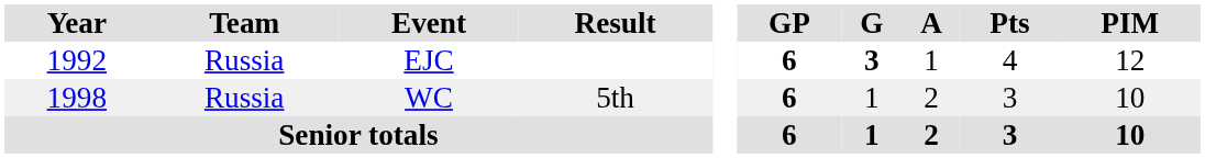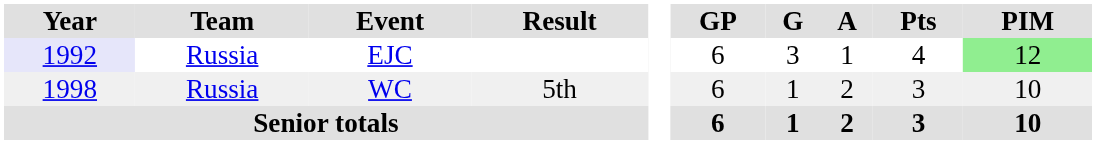 <table border="0" cellpadding="1" cellspacing="0" style="text-align:center; width:40em">
 <tr ALIGN="center" bgcolor="#e0e0e0">
 <th>Year</th>
 <th>Team</th>
 <th>Event</th>
 <th>Result</th>
 <th rowspan="99" bgcolor="#ffffff"> </th>
 <th>GP</th>
 <th>G</th>
 <th>A</th>
 <th>Pts</th>
 <th>PIM</th>
 </tr>
 <tr>
-<td><a href='#'>1992</a></td>
+<td style="background: lavender;"><a href='#'>1992</a></td>
 <td><a href='#'>Russia</a></td>
 <td><a href='#'>EJC</a></td>
 <td></td>
-<td><strong>6</strong></td>
-<td><strong>3</strong></td>
+<td>6</td>
+<td>3</td>
 <td>1</td>
 <td>4</td>
-<td>12</td>
+<td style="background: lightgreen;">12</td>
 </tr>
 <tr bgcolor="#f0f0f0">
 <td><a href='#'>1998</a></td>
 <td><a href='#'>Russia</a></td>
 <td><a href='#'>WC</a></td>
 <td>5th</td>
-<td><strong>6</strong></td>
+<td>6</td>
 <td>1</td>
 <td>2</td>
 <td>3</td>
 <td>10</td>
 </tr>
 <tr bgcolor="#e0e0e0">
 <th colspan="4">Senior totals</th>
 <th>6</th>
 <th>1</th>
 <th>2</th>
 <th>3</th>
 <th>10</th>
 </tr>
 </table>
